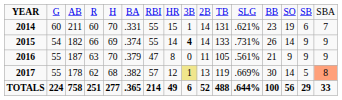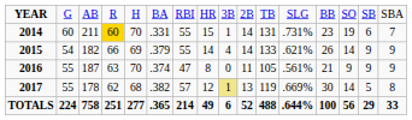 <table class="wikitable">
 <tr align=center>
 <td><strong>YEAR</strong></td>
 <td><a href='#'>G</a></td>
 <td><a href='#'>AB</a></td>
 <td><a href='#'>R</a></td>
 <td><a href='#'>H</a></td>
 <td><a href='#'>BA</a></td>
 <td><a href='#'>RBI</a></td>
 <td><a href='#'>HR</a></td>
 <td><a href='#'>3B</a></td>
 <td><a href='#'>2B</a></td>
 <td><a href='#'>TB</a></td>
 <td><a href='#'>SLG</a></td>
 <td><a href='#'>BB</a></td>
 <td><a href='#'>SO</a></td>
 <td><a href='#'>SB</a></td>
 <td>SBA</td>
 </tr>
 <tr align=center>
 <td><strong>2014</strong></td>
 <td>60</td>
 <td>211</td>
-<td>60</td>
+<td style="background: gold;">60</td>
 <td>70</td>
 <td>.331</td>
 <td>55</td>
 <td>15</td>
 <td>1</td>
 <td>14</td>
 <td>131</td>
-<td>.621%</td>
+<td>.731%</td>
 <td>23</td>
 <td>19</td>
 <td>6</td>
 <td>7</td>
 </tr>
 <tr align=center>
 <td><strong>2015</strong></td>
 <td>54</td>
 <td>182</td>
 <td>66</td>
 <td>69</td>
-<td>.374</td>
+<td>.379</td>
 <td>55</td>
 <td>14</td>
-<td><strong>4</strong></td>
+<td>4</td>
 <td>14</td>
 <td>133</td>
-<td>.731%</td>
+<td>.621%</td>
 <td>26</td>
 <td>14</td>
 <td>9</td>
 <td>9</td>
 </tr>
 <tr align=center>
 <td><strong>2016</strong></td>
 <td>55</td>
 <td>187</td>
 <td>63</td>
 <td>70</td>
-<td>.379</td>
+<td>.374</td>
 <td>47</td>
 <td>8</td>
 <td>0</td>
 <td>11</td>
 <td>105</td>
 <td>.561%</td>
 <td>21</td>
 <td>9</td>
 <td>9</td>
 <td>9</td>
 </tr>
 <tr align=center>
 <td><strong>2017</strong></td>
 <td>55</td>
 <td>178</td>
 <td>62</td>
 <td>68</td>
 <td>.382</td>
 <td>57</td>
 <td>12</td>
 <td style="background: khaki;">1</td>
 <td>13</td>
 <td>119</td>
 <td>.669%</td>
 <td>30</td>
 <td>14</td>
 <td>5</td>
-<td style="background: lightsalmon;">8</td>
+<td>8</td>
 </tr>
 <tr align=center>
 <td><strong>TOTALS</strong></td>
 <td><strong>224</strong></td>
 <td><strong>758</strong></td>
 <td><strong>251</strong></td>
 <td><strong>277</strong></td>
 <td><strong>.365</strong></td>
 <td><strong>214</strong></td>
 <td><strong>49</strong></td>
 <td><strong>6</strong></td>
 <td><strong>52</strong></td>
 <td><strong>488</strong></td>
 <td><strong>.644%</strong></td>
 <td><strong>100</strong></td>
 <td><strong>56</strong></td>
 <td><strong>29</strong></td>
 <td><strong>33</strong></td>
 </tr>
 </table>
